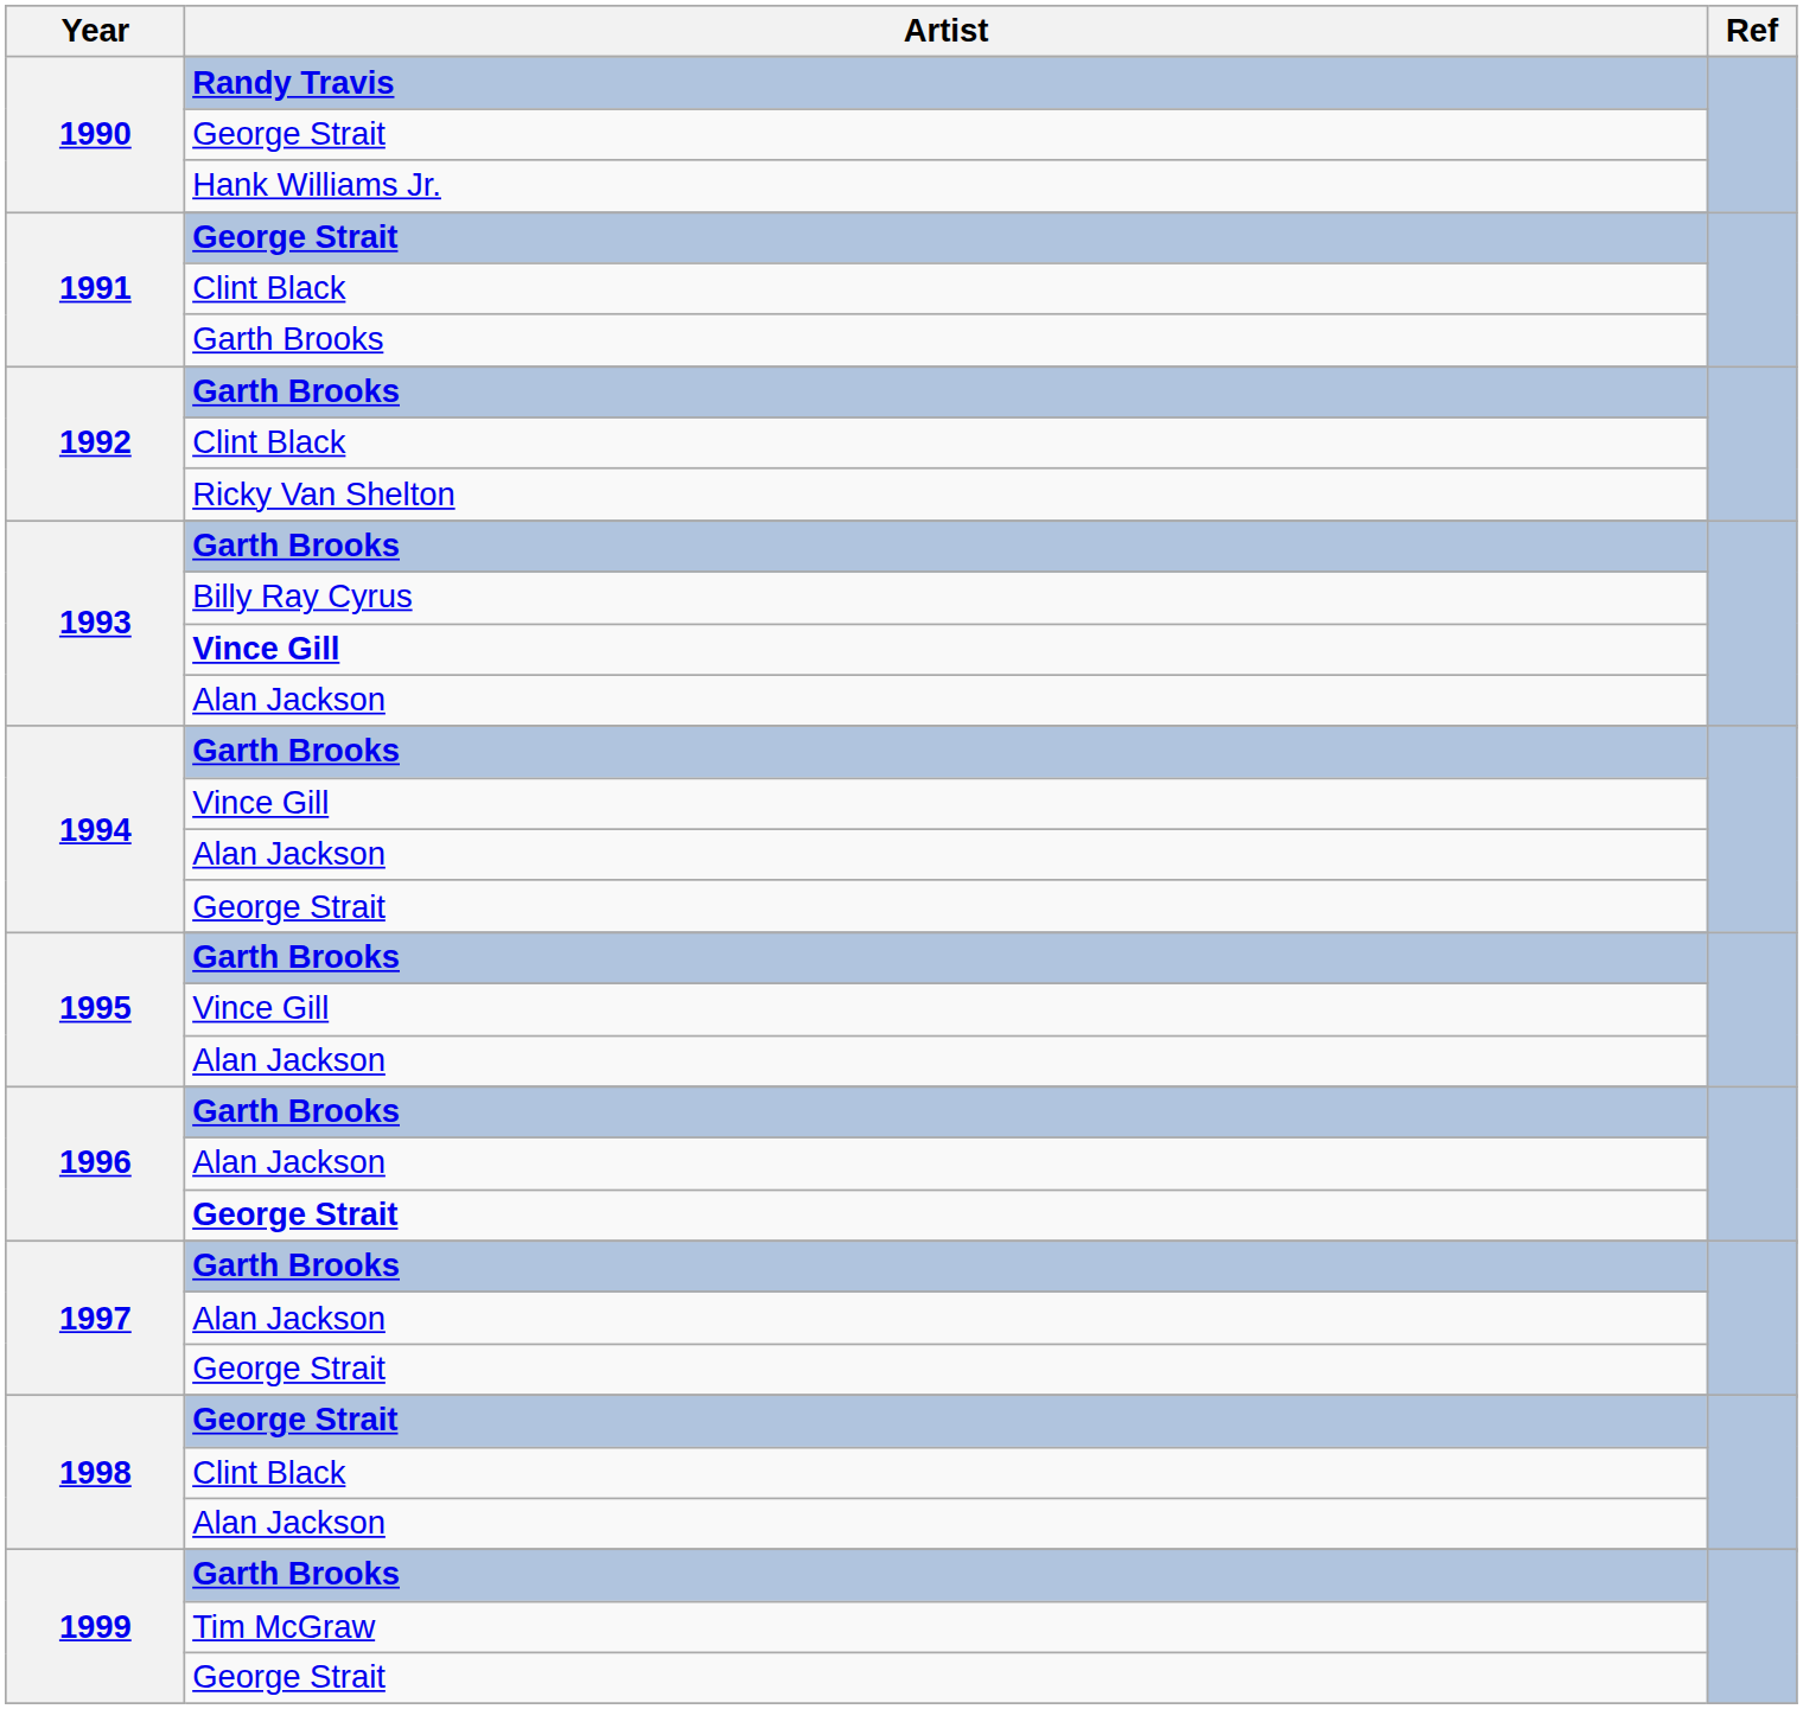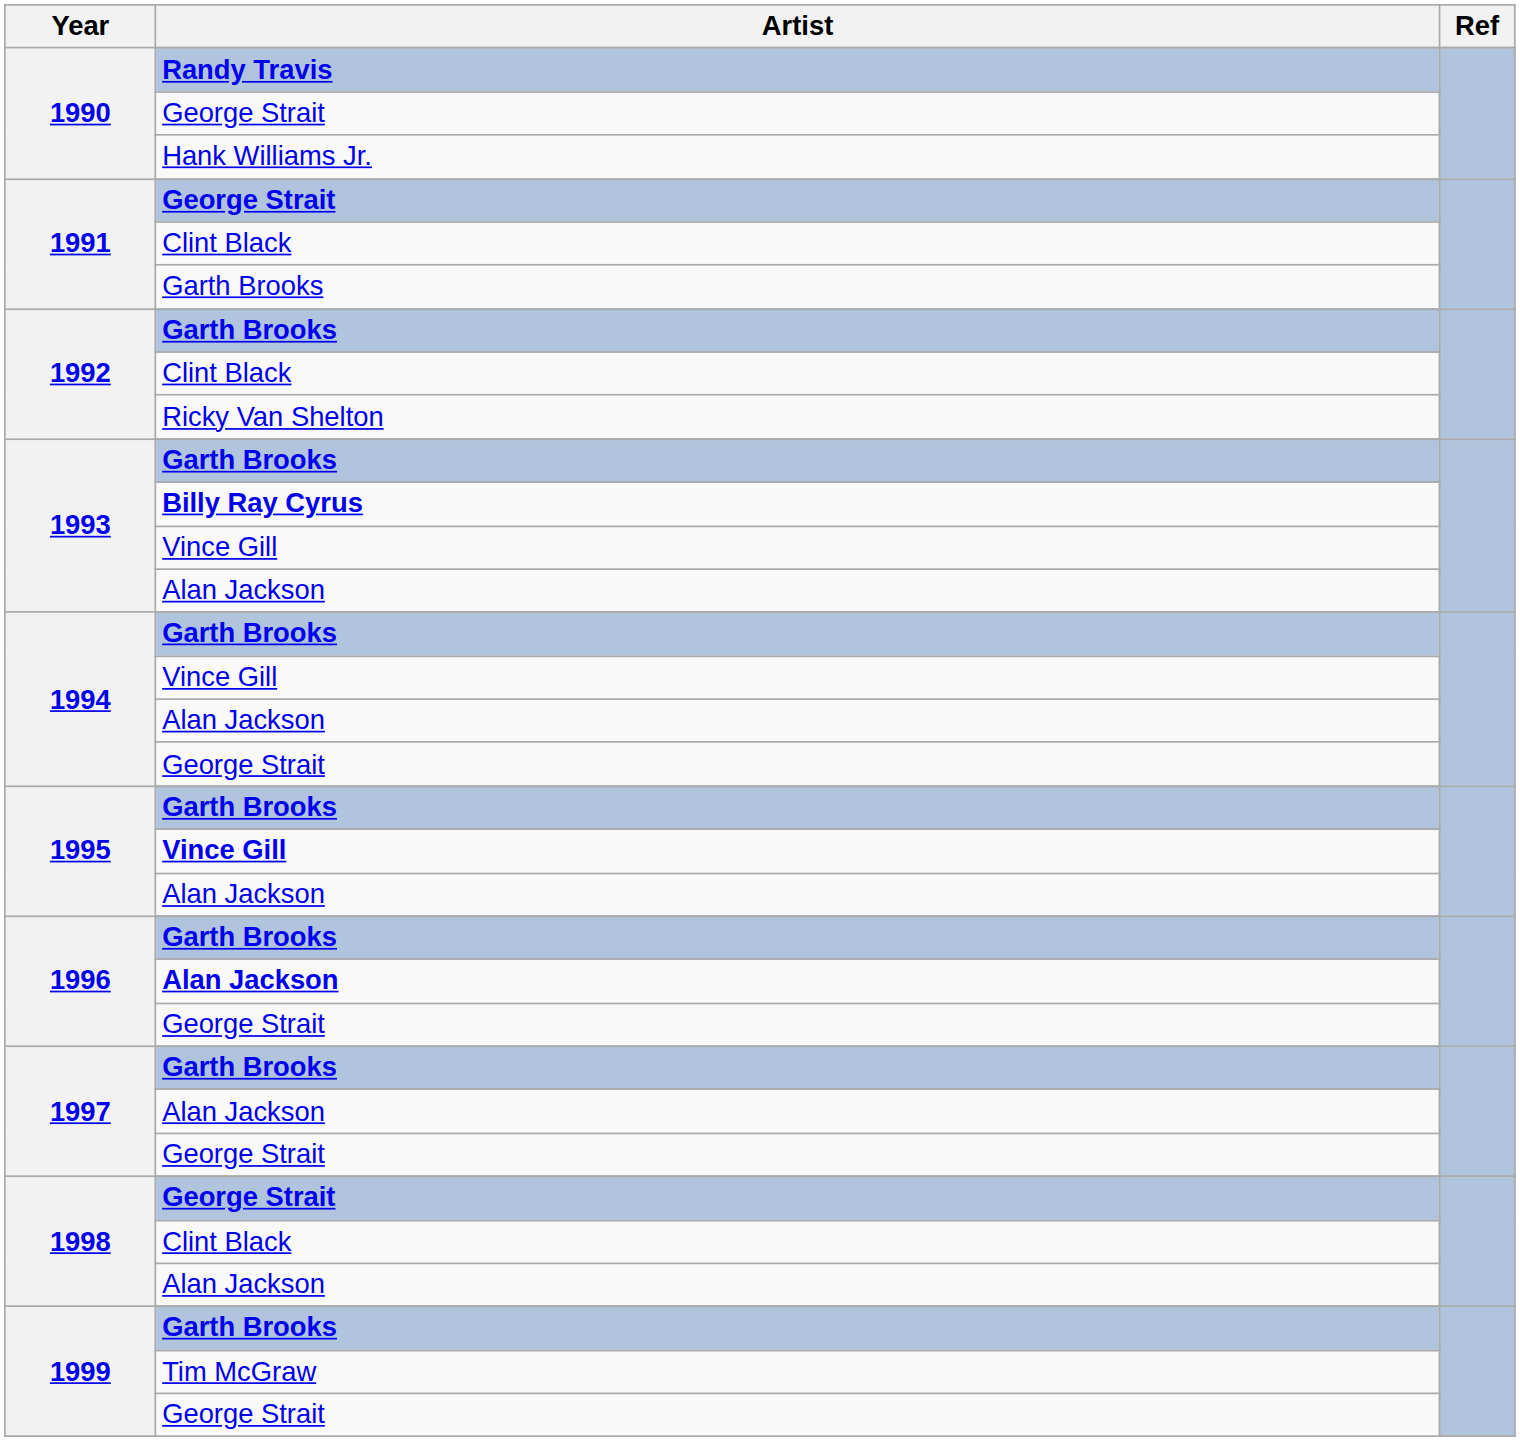 <table class="wikitable" width="100%">
 <tr>
 <th width="10%">Year</th>
 <th width="85%">Artist</th>
 <th width="5%">Ref</th>
 </tr>
 <tr>
 <th rowspan="4" align="center"><a href='#'>1990<br></a></th>
 </tr>
 <tr style="background:#B0C4DE">
 <td><strong><a href='#'>Randy Travis</a></strong></td>
 <td rowspan="4" align="center"></td>
 </tr>
 <tr>
 <td><a href='#'>George Strait</a></td>
 </tr>
 <tr>
 <td><a href='#'>Hank Williams Jr.</a></td>
 </tr>
 <tr>
 <th rowspan="4" align="center"><a href='#'>1991<br></a></th>
 </tr>
 <tr style="background:#B0C4DE">
 <td><strong><a href='#'>George Strait</a></strong></td>
 <td rowspan="4" align="center"></td>
 </tr>
 <tr>
 <td><a href='#'>Clint Black</a></td>
 </tr>
 <tr>
 <td><a href='#'>Garth Brooks</a></td>
 </tr>
 <tr>
 <th rowspan="4" align="center"><a href='#'>1992<br></a></th>
 </tr>
 <tr style="background:#B0C4DE">
 <td><strong><a href='#'>Garth Brooks</a></strong></td>
 <td rowspan="4" align="center"></td>
 </tr>
 <tr>
 <td><a href='#'>Clint Black</a></td>
 </tr>
 <tr>
 <td><a href='#'>Ricky Van Shelton</a></td>
 </tr>
 <tr>
 <th rowspan="5" align="center"><a href='#'>1993<br></a></th>
 </tr>
 <tr style="background:#B0C4DE">
 <td><strong><a href='#'>Garth Brooks</a></strong></td>
 <td rowspan="5" align="center"></td>
 </tr>
 <tr>
-<td><a href='#'>Billy Ray Cyrus</a></td>
+<td><strong><a href='#'>Billy Ray Cyrus</a></strong></td>
 </tr>
 <tr>
-<td><strong><a href='#'>Vince Gill</a></strong></td>
+<td><a href='#'>Vince Gill</a></td>
 </tr>
 <tr>
 <td><a href='#'>Alan Jackson</a></td>
 </tr>
 <tr>
 <th rowspan="5" align="center"><a href='#'>1994<br></a></th>
 </tr>
 <tr style="background:#B0C4DE">
 <td><strong><a href='#'>Garth Brooks</a></strong></td>
 <td rowspan="5" align="center"></td>
 </tr>
 <tr>
 <td><a href='#'>Vince Gill</a></td>
 </tr>
 <tr>
 <td><a href='#'>Alan Jackson</a></td>
 </tr>
 <tr>
 <td><a href='#'>George Strait</a></td>
 </tr>
 <tr>
 <th rowspan="4" align="center"><a href='#'>1995<br></a></th>
 </tr>
 <tr style="background:#B0C4DE">
 <td><strong><a href='#'>Garth Brooks</a></strong></td>
 <td rowspan="4" align="center"></td>
 </tr>
 <tr>
-<td><a href='#'>Vince Gill</a></td>
+<td><strong><a href='#'>Vince Gill</a></strong></td>
 </tr>
 <tr>
 <td><a href='#'>Alan Jackson</a></td>
 </tr>
 <tr>
 <th rowspan="4" align="center"><a href='#'>1996<br></a></th>
 </tr>
 <tr style="background:#B0C4DE">
 <td><strong><a href='#'>Garth Brooks</a></strong></td>
 <td rowspan="4" align="center"></td>
 </tr>
 <tr>
-<td><a href='#'>Alan Jackson</a></td>
+<td><strong><a href='#'>Alan Jackson</a></strong></td>
 </tr>
 <tr>
-<td><strong><a href='#'>George Strait</a></strong></td>
+<td><a href='#'>George Strait</a></td>
 </tr>
 <tr>
 <th rowspan="4" align="center"><a href='#'>1997<br></a></th>
 </tr>
 <tr style="background:#B0C4DE">
 <td><strong><a href='#'>Garth Brooks</a></strong></td>
 <td rowspan="4" align="center"></td>
 </tr>
 <tr>
 <td><a href='#'>Alan Jackson</a></td>
 </tr>
 <tr>
 <td><a href='#'>George Strait</a></td>
 </tr>
 <tr>
 <th rowspan="4" align="center"><a href='#'>1998<br></a></th>
 </tr>
 <tr style="background:#B0C4DE">
 <td><strong><a href='#'>George Strait</a></strong></td>
 <td rowspan="4" align="center"></td>
 </tr>
 <tr>
 <td><a href='#'>Clint Black</a></td>
 </tr>
 <tr>
 <td><a href='#'>Alan Jackson</a></td>
 </tr>
 <tr>
 <th rowspan="4" align="center"><a href='#'>1999<br></a></th>
 </tr>
 <tr style="background:#B0C4DE">
 <td><strong><a href='#'>Garth Brooks</a></strong></td>
 <td rowspan="4" align="center"></td>
 </tr>
 <tr>
 <td><a href='#'>Tim McGraw</a></td>
 </tr>
 <tr>
 <td><a href='#'>George Strait</a></td>
 </tr>
 </table>
